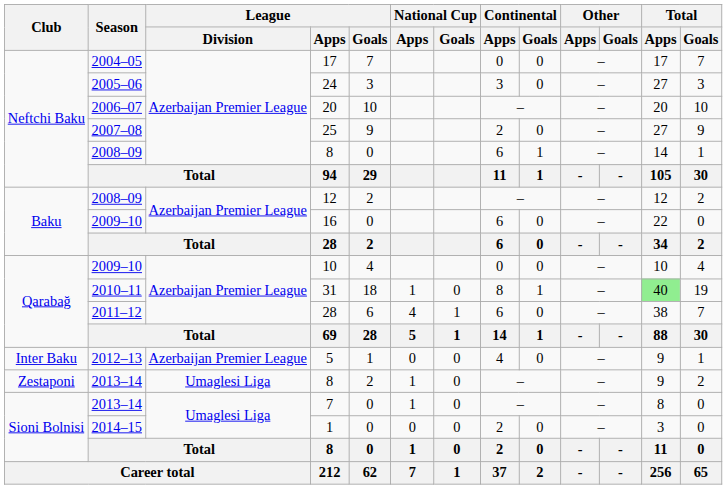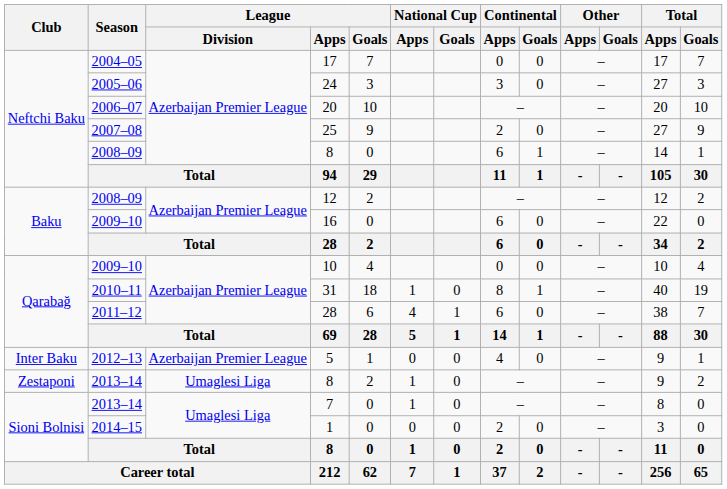 <table class="wikitable" style="text-align: center;">
 <tr>
 <th rowspan="2">Club</th>
 <th rowspan="2">Season</th>
 <th colspan="3">League</th>
 <th colspan="2">National Cup</th>
 <th colspan="2">Continental</th>
 <th colspan="2">Other</th>
 <th colspan="2">Total</th>
 </tr>
 <tr>
 <th>Division</th>
 <th>Apps</th>
 <th>Goals</th>
 <th>Apps</th>
 <th>Goals</th>
 <th>Apps</th>
 <th>Goals</th>
 <th>Apps</th>
 <th>Goals</th>
 <th>Apps</th>
 <th>Goals</th>
 </tr>
 <tr>
 <td rowspan="6" valign="center"><a href='#'>Neftchi Baku</a></td>
 <td><a href='#'>2004–05</a></td>
 <td rowspan="5" valign="center"><a href='#'>Azerbaijan Premier League</a></td>
 <td>17</td>
 <td>7</td>
 <td></td>
 <td></td>
 <td>0</td>
 <td>0</td>
 <td colspan="2">–</td>
 <td>17</td>
 <td>7</td>
 </tr>
 <tr>
 <td><a href='#'>2005–06</a></td>
 <td>24</td>
 <td>3</td>
 <td></td>
 <td></td>
 <td>3</td>
 <td>0</td>
 <td colspan="2">–</td>
 <td>27</td>
 <td>3</td>
 </tr>
 <tr>
 <td><a href='#'>2006–07</a></td>
 <td>20</td>
 <td>10</td>
 <td></td>
 <td></td>
 <td colspan="2">–</td>
 <td colspan="2">–</td>
 <td>20</td>
 <td>10</td>
 </tr>
 <tr>
 <td><a href='#'>2007–08</a></td>
 <td>25</td>
 <td>9</td>
 <td></td>
 <td></td>
 <td>2</td>
 <td>0</td>
 <td colspan="2">–</td>
 <td>27</td>
 <td>9</td>
 </tr>
 <tr>
 <td><a href='#'>2008–09</a></td>
 <td>8</td>
 <td>0</td>
 <td></td>
 <td></td>
 <td>6</td>
 <td>1</td>
 <td colspan="2">–</td>
 <td>14</td>
 <td>1</td>
 </tr>
 <tr>
 <th colspan="2">Total</th>
 <th>94</th>
 <th>29</th>
 <th></th>
 <th></th>
 <th>11</th>
 <th>1</th>
 <th>-</th>
 <th>-</th>
 <th>105</th>
 <th>30</th>
 </tr>
 <tr>
 <td rowspan="3" valign="center"><a href='#'>Baku</a></td>
 <td><a href='#'>2008–09</a></td>
 <td rowspan="2" valign="center"><a href='#'>Azerbaijan Premier League</a></td>
 <td>12</td>
 <td>2</td>
 <td></td>
 <td></td>
 <td colspan="2">–</td>
 <td colspan="2">–</td>
 <td>12</td>
 <td>2</td>
 </tr>
 <tr>
 <td><a href='#'>2009–10</a></td>
 <td>16</td>
 <td>0</td>
 <td></td>
 <td></td>
 <td>6</td>
 <td>0</td>
 <td colspan="2">–</td>
 <td>22</td>
 <td>0</td>
 </tr>
 <tr>
 <th colspan="2">Total</th>
 <th>28</th>
 <th>2</th>
 <th></th>
 <th></th>
 <th>6</th>
 <th>0</th>
 <th>-</th>
 <th>-</th>
 <th>34</th>
 <th>2</th>
 </tr>
 <tr>
 <td rowspan="4" valign="center"><a href='#'>Qarabağ</a></td>
 <td><a href='#'>2009–10</a></td>
 <td rowspan="3" valign="center"><a href='#'>Azerbaijan Premier League</a></td>
 <td>10</td>
 <td>4</td>
 <td></td>
 <td></td>
 <td>0</td>
 <td>0</td>
 <td colspan="2">–</td>
 <td>10</td>
 <td>4</td>
 </tr>
 <tr>
 <td><a href='#'>2010–11</a></td>
 <td>31</td>
 <td>18</td>
 <td>1</td>
 <td>0</td>
 <td>8</td>
 <td>1</td>
 <td colspan="2">–</td>
-<td style="background: lightgreen;">40</td>
+<td>40</td>
 <td>19</td>
 </tr>
 <tr>
 <td><a href='#'>2011–12</a></td>
 <td>28</td>
 <td>6</td>
 <td>4</td>
 <td>1</td>
 <td>6</td>
 <td>0</td>
 <td colspan="2">–</td>
 <td>38</td>
 <td>7</td>
 </tr>
 <tr>
 <th colspan="2">Total</th>
 <th>69</th>
 <th>28</th>
 <th>5</th>
 <th>1</th>
 <th>14</th>
 <th>1</th>
 <th>-</th>
 <th>-</th>
 <th>88</th>
 <th>30</th>
 </tr>
 <tr>
 <td valign="center"><a href='#'>Inter Baku</a></td>
 <td><a href='#'>2012–13</a></td>
 <td><a href='#'>Azerbaijan Premier League</a></td>
 <td>5</td>
 <td>1</td>
 <td>0</td>
 <td>0</td>
 <td>4</td>
 <td>0</td>
 <td colspan="2">–</td>
 <td>9</td>
 <td>1</td>
 </tr>
 <tr>
 <td valign="center"><a href='#'>Zestaponi</a></td>
 <td><a href='#'>2013–14</a></td>
 <td><a href='#'>Umaglesi Liga</a></td>
 <td>8</td>
 <td>2</td>
 <td>1</td>
 <td>0</td>
 <td colspan="2">–</td>
 <td colspan="2">–</td>
 <td>9</td>
 <td>2</td>
 </tr>
 <tr>
 <td rowspan="3" valign="center"><a href='#'>Sioni Bolnisi</a></td>
 <td><a href='#'>2013–14</a></td>
 <td rowspan="2" valign="center"><a href='#'>Umaglesi Liga</a></td>
 <td>7</td>
 <td>0</td>
 <td>1</td>
 <td>0</td>
 <td colspan="2">–</td>
 <td colspan="2">–</td>
 <td>8</td>
 <td>0</td>
 </tr>
 <tr>
 <td><a href='#'>2014–15</a></td>
 <td>1</td>
 <td>0</td>
 <td>0</td>
 <td>0</td>
 <td>2</td>
 <td>0</td>
 <td colspan="2">–</td>
 <td>3</td>
 <td>0</td>
 </tr>
 <tr>
 <th colspan="2">Total</th>
 <th>8</th>
 <th>0</th>
 <th>1</th>
 <th>0</th>
 <th>2</th>
 <th>0</th>
 <th>-</th>
 <th>-</th>
 <th>11</th>
 <th>0</th>
 </tr>
 <tr>
 <th colspan="3">Career total</th>
 <th>212</th>
 <th>62</th>
 <th>7</th>
 <th>1</th>
 <th>37</th>
 <th>2</th>
 <th>-</th>
 <th>-</th>
 <th>256</th>
 <th>65</th>
 </tr>
 </table>
